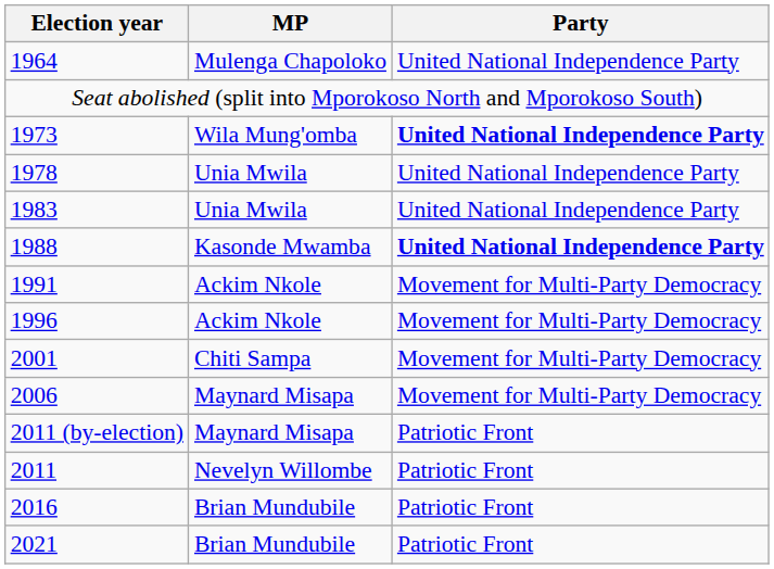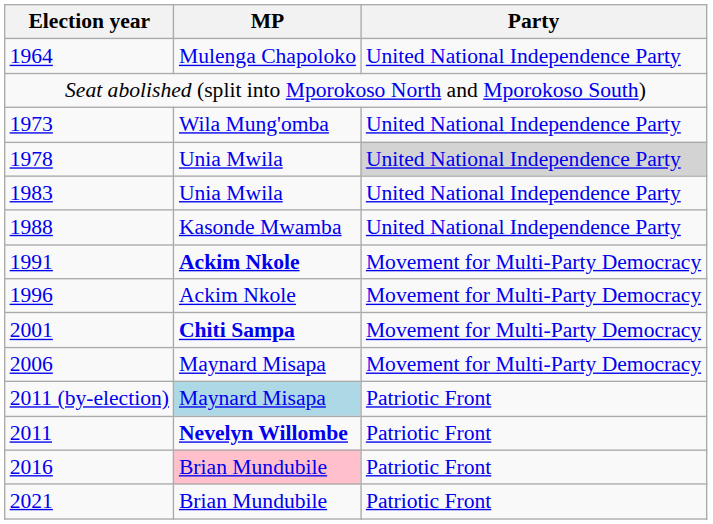 <table class=wikitable>
 <tr>
 <th>Election year</th>
 <th>MP</th>
 <th>Party</th>
 </tr>
 <tr>
 <td><a href='#'>1964</a></td>
 <td><a href='#'>Mulenga Chapoloko</a></td>
 <td><a href='#'>United National Independence Party</a></td>
 </tr>
 <tr>
 <td colspan=3 align=center><em>Seat abolished</em> (split into <a href='#'>Mporokoso North</a> and <a href='#'>Mporokoso South</a>)</td>
 </tr>
 <tr>
 <td><a href='#'>1973</a></td>
 <td><a href='#'>Wila Mung'omba</a></td>
-<td><strong><a href='#'>United National Independence Party</a></strong></td>
+<td><a href='#'>United National Independence Party</a></td>
 </tr>
 <tr>
 <td><a href='#'>1978</a></td>
 <td><a href='#'>Unia Mwila</a></td>
-<td><a href='#'>United National Independence Party</a></td>
+<td style="background: lightgrey;"><a href='#'>United National Independence Party</a></td>
 </tr>
 <tr>
 <td><a href='#'>1983</a></td>
 <td><a href='#'>Unia Mwila</a></td>
 <td><a href='#'>United National Independence Party</a></td>
 </tr>
 <tr>
 <td><a href='#'>1988</a></td>
 <td><a href='#'>Kasonde Mwamba</a></td>
-<td><strong><a href='#'>United National Independence Party</a></strong></td>
+<td><a href='#'>United National Independence Party</a></td>
 </tr>
 <tr>
 <td><a href='#'>1991</a></td>
-<td><a href='#'>Ackim Nkole</a></td>
+<td><strong><a href='#'>Ackim Nkole</a></strong></td>
 <td><a href='#'>Movement for Multi-Party Democracy</a></td>
 </tr>
 <tr>
 <td><a href='#'>1996</a></td>
 <td><a href='#'>Ackim Nkole</a></td>
 <td><a href='#'>Movement for Multi-Party Democracy</a></td>
 </tr>
 <tr>
 <td><a href='#'>2001</a></td>
-<td><a href='#'>Chiti Sampa</a></td>
+<td><strong><a href='#'>Chiti Sampa</a></strong></td>
 <td><a href='#'>Movement for Multi-Party Democracy</a></td>
 </tr>
 <tr>
 <td><a href='#'>2006</a></td>
 <td><a href='#'>Maynard Misapa</a></td>
 <td><a href='#'>Movement for Multi-Party Democracy</a></td>
 </tr>
 <tr>
 <td><a href='#'>2011 (by-election)</a></td>
-<td><a href='#'>Maynard Misapa</a></td>
+<td style="background: lightblue;"><a href='#'>Maynard Misapa</a></td>
 <td><a href='#'>Patriotic Front</a></td>
 </tr>
 <tr>
 <td><a href='#'>2011</a></td>
-<td><a href='#'>Nevelyn Willombe</a></td>
+<td><strong><a href='#'>Nevelyn Willombe</a></strong></td>
 <td><a href='#'>Patriotic Front</a></td>
 </tr>
 <tr>
 <td><a href='#'>2016</a></td>
-<td><a href='#'>Brian Mundubile</a></td>
+<td style="background: pink;"><a href='#'>Brian Mundubile</a></td>
 <td><a href='#'>Patriotic Front</a></td>
 </tr>
 <tr>
 <td><a href='#'>2021</a></td>
 <td><a href='#'>Brian Mundubile</a></td>
 <td><a href='#'>Patriotic Front</a></td>
 </tr>
 </table>
